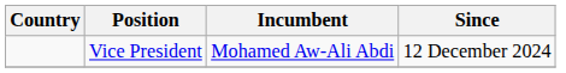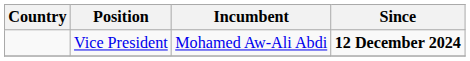 <table class="wikitable sortable">
 <tr>
 <th>Country</th>
 <th>Position</th>
 <th>Incumbent</th>
 <th>Since</th>
 </tr>
 <tr>
 <td></td>
 <td><a href='#'>Vice President</a></td>
 <td><a href='#'>Mohamed Aw-Ali Abdi</a></td>
-<td>12 December 2024</td>
+<td><strong>12 December 2024</strong></td>
 </tr>
 <tr>
 </tr>
 </table>
